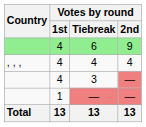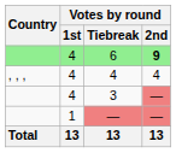 <table class="wikitable" style="text-align:center">
 <tr>
 <th rowspan="2">Country</th>
 <th colspan="3">Votes by round</th>
 </tr>
 <tr>
 <th>1st</th>
 <th>Tiebreak</th>
 <th>2nd</th>
 </tr>
 <tr style="background:#90EE90">
 <td style="text-align:left"></td>
 <td>4</td>
 <td>6</td>
-<td>9</td>
+<td><strong>9</strong></td>
 </tr>
 <tr>
 <td style="text-align:left">, , , </td>
 <td>4</td>
 <td>4</td>
 <td>4</td>
 </tr>
 <tr>
 <td style="text-align:left"></td>
 <td>4</td>
 <td>3</td>
 <td style="background-color:#F08080">—</td>
 </tr>
 <tr>
 <td style="text-align:left"></td>
 <td>1</td>
 <td style="background-color:#F08080">—</td>
 <td style="background-color:#F08080">—</td>
 </tr>
 <tr>
 <th style="text-align:left">Total</th>
 <th>13</th>
 <th>13</th>
 <th>13</th>
 </tr>
 </table>
